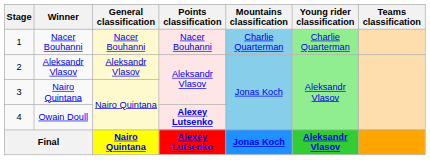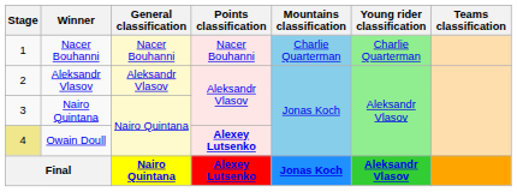 <table class="wikitable" style="text-align: center; font-size:smaller;">
 <tr style="background:#efefef;">
 <th style="width:1%;">Stage</th>
 <th style="width:16.5%;">Winner</th>
 <th style="width:16.5%;">General classification<br></th>
 <th style="width:16.5%;">Points classification<br></th>
 <th style="width:16.5%;">Mountains classification<br></th>
 <th style="width:16.5%;">Young rider classification<br></th>
 <th style="width:16.5%;">Teams classification<br></th>
 </tr>
 <tr>
 <td>1</td>
 <td><a href='#'>Nacer Bouhanni</a></td>
 <td style="background:LemonChiffon;"><a href='#'>Nacer Bouhanni</a></td>
 <td style="background:#FFE6E6;"><a href='#'>Nacer Bouhanni</a></td>
 <td style="background:skyblue;"><a href='#'>Charlie Quarterman</a></td>
 <td style="background:lightgreen;"><a href='#'>Charlie Quarterman</a></td>
 <td style="background:navajowhite"></td>
 </tr>
 <tr>
 <td>2</td>
 <td><a href='#'>Aleksandr Vlasov</a></td>
 <td style="background:LemonChiffon;"><a href='#'>Aleksandr Vlasov</a></td>
 <td style="background:#FFE6E6;" rowspan="2"><a href='#'>Aleksandr Vlasov</a></td>
 <td style="background:skyblue;" rowspan="3"><a href='#'>Jonas Koch</a></td>
 <td style="background:lightgreen;" rowspan="3"><a href='#'>Aleksandr Vlasov</a></td>
 <td style="background:navajowhite" rowspan="3"></td>
 </tr>
 <tr>
 <td>3</td>
 <td><a href='#'>Nairo Quintana</a></td>
 <td style="background:LemonChiffon;" rowspan="2"><a href='#'>Nairo Quintana</a></td>
 </tr>
 <tr>
-<td>4</td>
+<td style="background: khaki;">4</td>
 <td><a href='#'>Owain Doull</a></td>
 <td style="background:#FFE6E6;"><strong><a href='#'>Alexey Lutsenko</a></strong></td>
 </tr>
 <tr>
 <th colspan="2">Final</th>
 <th style="background:yellow;"><a href='#'>Nairo Quintana</a></th>
 <th style="background:#f00;"><a href='#'>Alexey Lutsenko</a></th>
 <th style="background:dodgerblue;"><a href='#'>Jonas Koch</a></th>
 <th style="background:limegreen;"><a href='#'>Aleksandr Vlasov</a></th>
 <th style="background:orange;"></th>
 </tr>
 </table>
